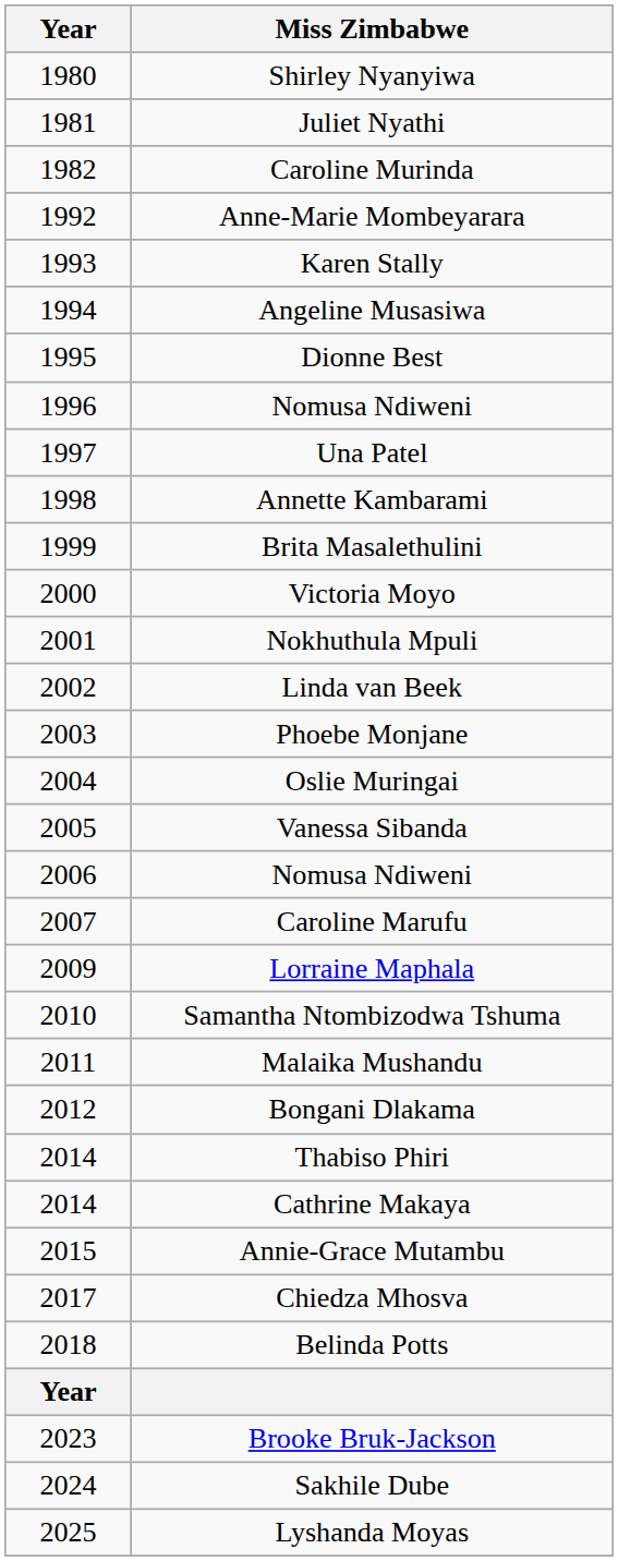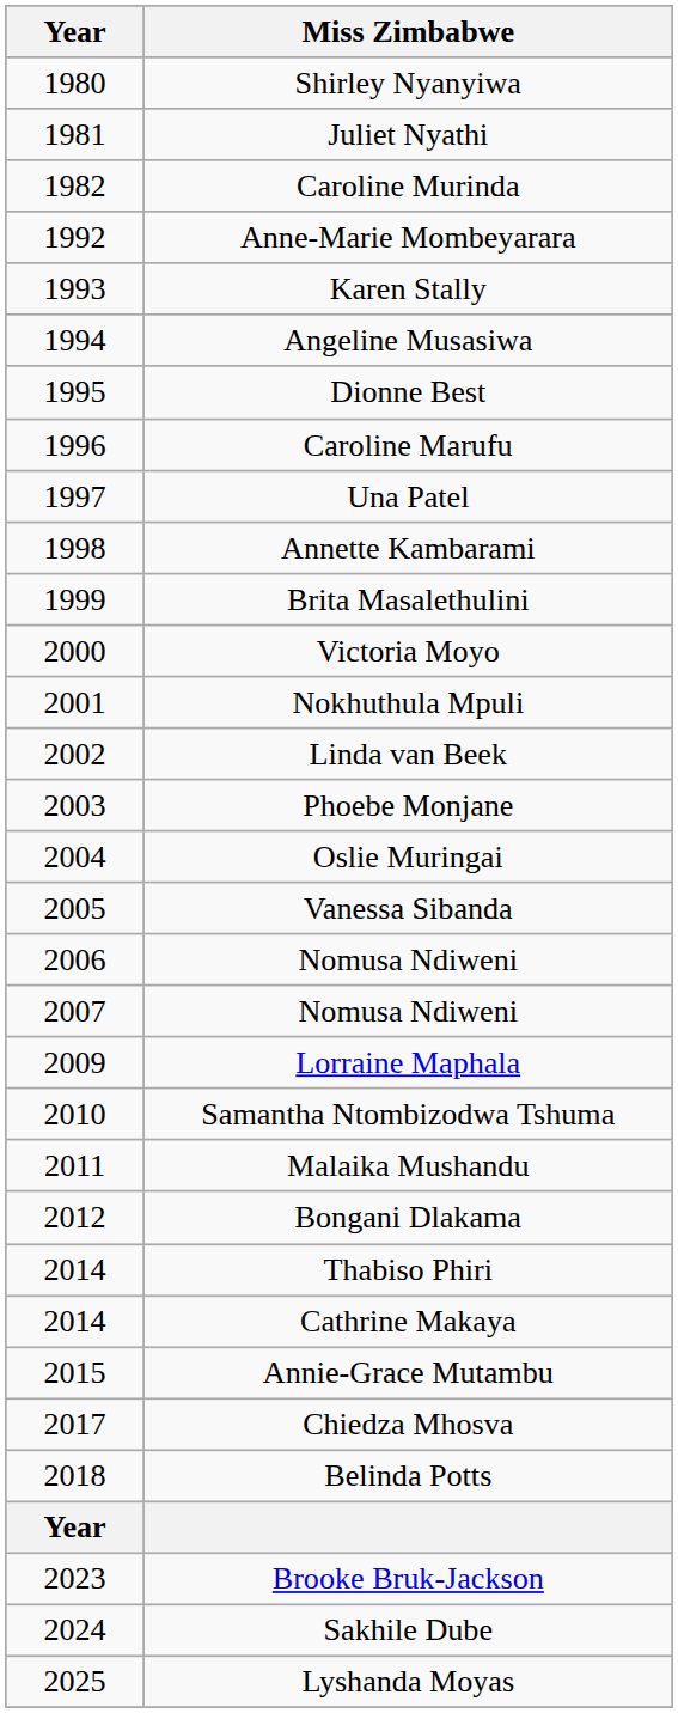 <table class="wikitable sortable" style="font-size: 95%; text-align:center">
 <tr>
 <th width="60">Year</th>
 <th width="250">Miss Zimbabwe</th>
 </tr>
 <tr>
 <td>1980</td>
 <td>Shirley Nyanyiwa</td>
 </tr>
 <tr>
 <td>1981</td>
 <td>Juliet Nyathi</td>
 </tr>
 <tr>
 <td>1982</td>
 <td>Caroline Murinda</td>
 </tr>
 <tr>
 <td>1992</td>
 <td>Anne-Marie Mombeyarara</td>
 </tr>
 <tr>
 <td>1993</td>
 <td>Karen Stally</td>
 </tr>
 <tr>
 <td>1994</td>
 <td>Angeline Musasiwa</td>
 </tr>
 <tr>
 <td>1995</td>
 <td>Dionne Best</td>
 </tr>
 <tr>
 <td>1996</td>
-<td>Nomusa Ndiweni</td>
+<td>Caroline Marufu</td>
 </tr>
 <tr>
 <td>1997</td>
 <td>Una Patel</td>
 </tr>
 <tr>
 <td>1998</td>
 <td>Annette Kambarami</td>
 </tr>
 <tr>
 <td>1999</td>
 <td>Brita Masalethulini</td>
 </tr>
 <tr>
 <td>2000</td>
 <td>Victoria Moyo</td>
 </tr>
 <tr>
 <td>2001</td>
 <td>Nokhuthula Mpuli</td>
 </tr>
 <tr>
 <td>2002</td>
 <td>Linda van Beek</td>
 </tr>
 <tr>
 <td>2003</td>
 <td>Phoebe Monjane</td>
 </tr>
 <tr>
 <td>2004</td>
 <td>Oslie Muringai</td>
 </tr>
 <tr>
 <td>2005</td>
 <td>Vanessa Sibanda</td>
 </tr>
 <tr>
 <td>2006</td>
 <td>Nomusa Ndiweni</td>
 </tr>
 <tr>
 <td>2007</td>
-<td>Caroline Marufu</td>
+<td>Nomusa Ndiweni</td>
 </tr>
 <tr>
 <td>2009</td>
 <td><a href='#'>Lorraine Maphala</a></td>
 </tr>
 <tr>
 <td>2010</td>
 <td>Samantha Ntombizodwa Tshuma</td>
 </tr>
 <tr>
 <td>2011</td>
 <td>Malaika Mushandu</td>
 </tr>
 <tr>
 <td>2012</td>
 <td>Bongani Dlakama</td>
 </tr>
 <tr>
 <td>2014</td>
 <td>Thabiso Phiri</td>
 </tr>
 <tr>
 <td>2014</td>
 <td>Cathrine Makaya</td>
 </tr>
 <tr>
 <td>2015</td>
 <td>Annie-Grace Mutambu</td>
 </tr>
 <tr>
 <td>2017</td>
 <td>Chiedza Mhosva</td>
 </tr>
 <tr>
 <td>2018</td>
 <td>Belinda Potts</td>
 </tr>
 <tr>
 <th>Year</th>
 <th></th>
 </tr>
 <tr>
 <td>2023</td>
 <td><a href='#'>Brooke Bruk-Jackson</a></td>
 </tr>
 <tr>
 <td>2024</td>
 <td>Sakhile Dube</td>
 </tr>
 <tr>
 <td>2025</td>
 <td>Lyshanda Moyas</td>
 </tr>
 <tr>
 </tr>
 </table>
